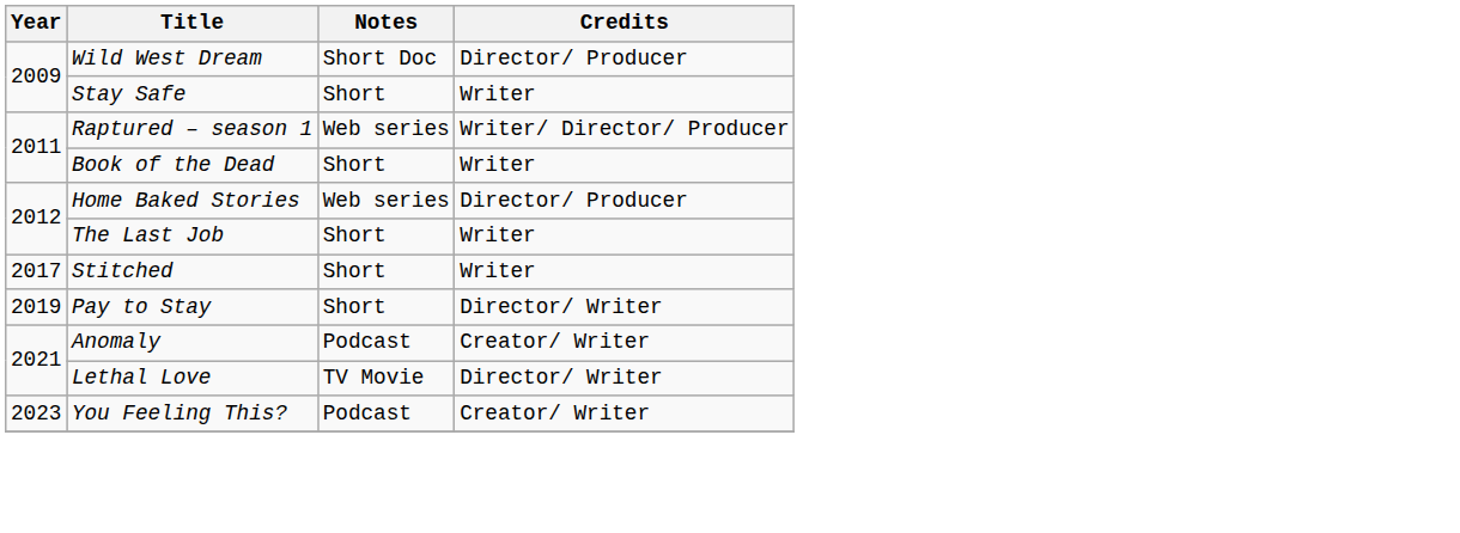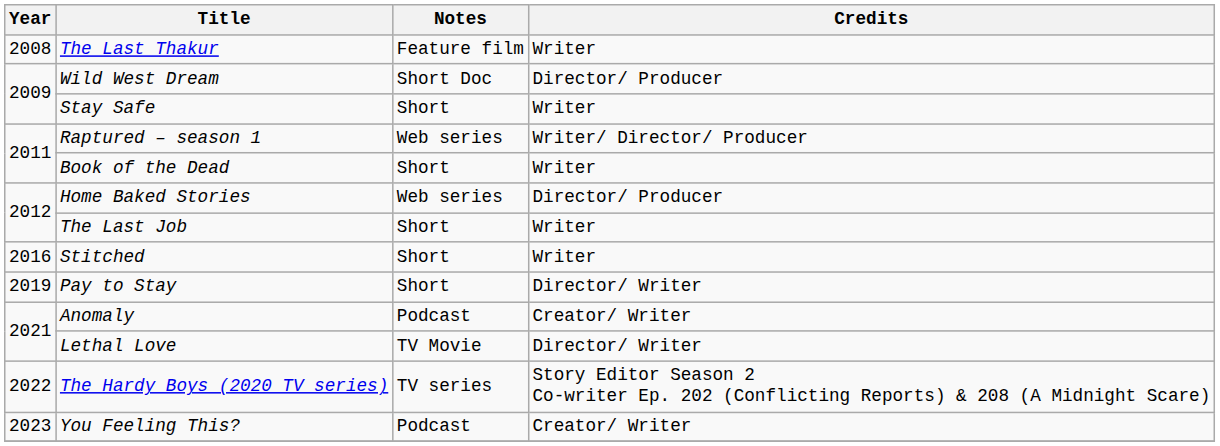 <table class="wikitable" style="font-size: 90%;">
 <tr>
 <th>Year</th>
 <th>Title</th>
 <th>Notes</th>
 <th>Credits</th>
+</tr>
+<tr>
+<td rowspan="1">2008</td>
+<td><em><a href='#'>The Last Thakur</a></em></td>
+<td>Feature film</td>
+<td>Writer</td>
 </tr>
 <tr>
 <td rowspan="2">2009</td>
 <td><em>Wild West Dream</em></td>
 <td>Short Doc</td>
 <td>Director/ Producer</td>
 </tr>
 <tr>
 <td><em>Stay Safe</em></td>
 <td>Short</td>
 <td>Writer</td>
 </tr>
 <tr>
 <td rowspan="2">2011</td>
 <td><em>Raptured – season 1</em></td>
 <td>Web series</td>
 <td>Writer/ Director/ Producer</td>
 </tr>
 <tr>
 <td><em>Book of the Dead</em></td>
 <td>Short</td>
 <td>Writer</td>
 </tr>
 <tr>
 <td rowspan="2">2012</td>
 <td><em>Home Baked Stories</em></td>
 <td>Web series</td>
 <td>Director/ Producer</td>
 </tr>
 <tr>
 <td><em>The Last Job</em></td>
 <td>Short</td>
 <td>Writer</td>
 </tr>
 <tr>
-<td rowspan="1">2017</td>
+<td rowspan="1">2016</td>
 <td><em>Stitched</em></td>
 <td>Short</td>
 <td>Writer</td>
 </tr>
 <tr>
 <td rowspan="1">2019</td>
 <td><em>Pay to Stay</em></td>
 <td>Short</td>
 <td>Director/ Writer</td>
 </tr>
 <tr>
 <td rowspan="2">2021</td>
 <td><em>Anomaly</em></td>
 <td>Podcast</td>
 <td>Creator/ Writer</td>
 </tr>
 <tr>
 <td><em>Lethal Love</em></td>
 <td>TV Movie</td>
 <td>Director/ Writer</td>
 </tr>
 <tr>
+<td rowspan="1">2022</td>
+<td><em><a href='#'>The Hardy Boys (2020 TV series)</a></em></td>
+<td>TV series</td>
+<td>Story Editor Season 2<br>Co-writer Ep. 202 (Conflicting Reports)  & 208 (A Midnight Scare)</td>
+</tr>
+<tr>
 <td rowspan="1">2023</td>
 <td><em>You Feeling This?</em></td>
 <td>Podcast</td>
 <td>Creator/ Writer</td>
 </tr>
 <tr>
 </tr>
 </table>
